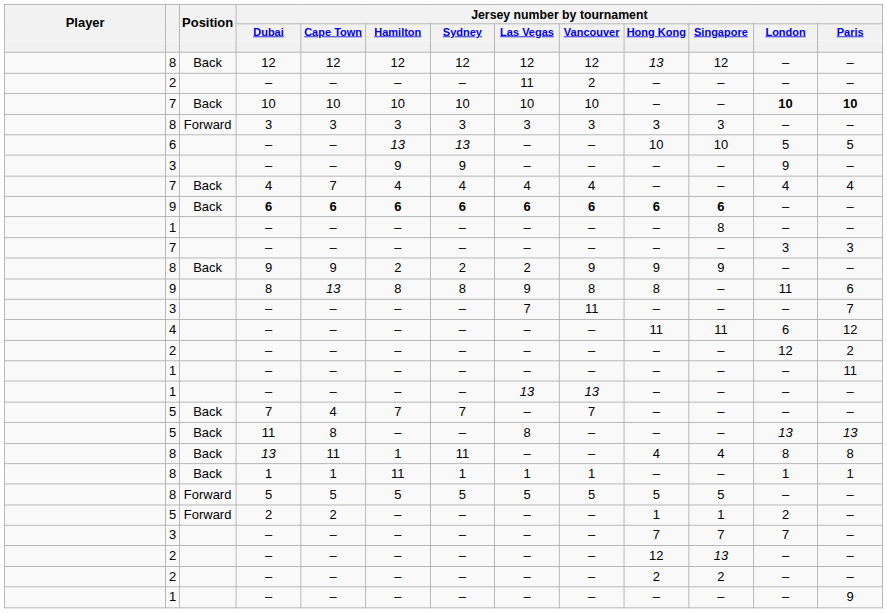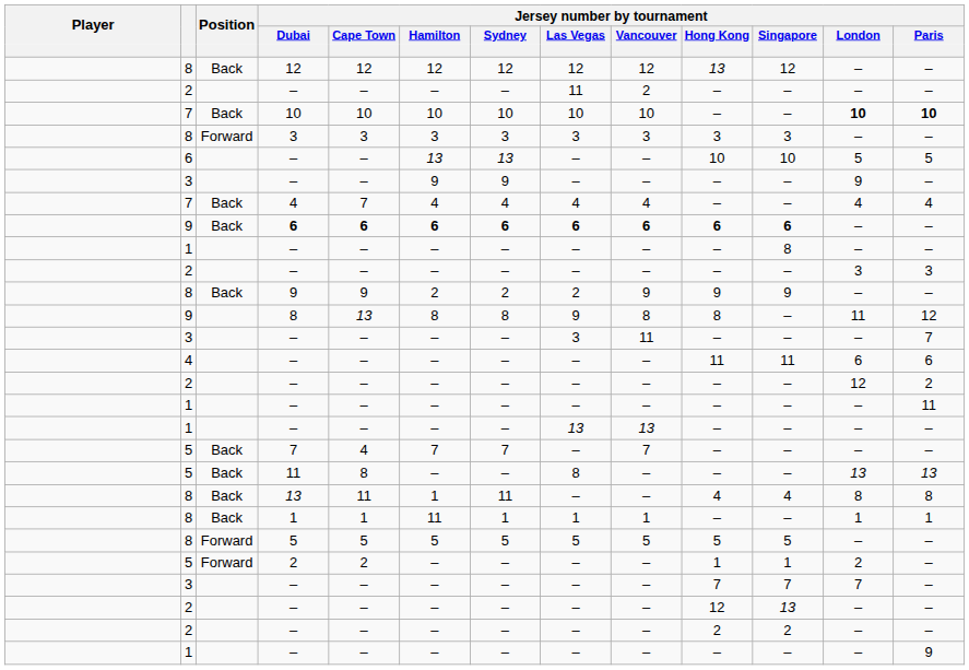 <table class="wikitable sortable" style="text-align:center;">
 <tr>
 <th rowspan=2 style="border-bottom:0px; width:12em;">Player</th>
 <th rowspan=2 style="border-bottom:0px;"></th>
 <th rowspan=2 style="border-bottom:0px;">Position</th>
 <th colspan=10 style="font-size:95%;">Jersey number by tournament</th>
 </tr>
 <tr>
 <th style="vertical-align:top;width:5.5em;border-bottom:1px solid transparent;padding:2px;font-size:85%;"><a href='#'>Dubai</a></th>
 <th style="vertical-align:top;width:5.5em;border-bottom:1px solid transparent;padding:2px;font-size:85%;"><a href='#'>Cape Town</a></th>
 <th style="vertical-align:top;width:5.5em;border-bottom:1px solid transparent;padding:2px;font-size:85%;"><a href='#'>Hamilton</a></th>
 <th style="vertical-align:top;width:5.5em;border-bottom:1px solid transparent;padding:2px;font-size:85%;"><a href='#'>Sydney</a></th>
 <th style="vertical-align:top;width:5.5em;border-bottom:1px solid transparent;padding:2px;font-size:85%;"><a href='#'>Las Vegas</a></th>
 <th style="vertical-align:top;width:5.5em;border-bottom:1px solid transparent;padding:2px;font-size:85%;"><a href='#'>Vancouver</a></th>
 <th style="vertical-align:top;width:5.5em;border-bottom:1px solid transparent;padding:2px;font-size:85%;"><a href='#'>Hong Kong</a></th>
 <th style="vertical-align:top;width:5.5em;border-bottom:1px solid transparent;padding:2px;font-size:85%;"><a href='#'>Singapore</a></th>
 <th style="vertical-align:top;width:5.5em;border-bottom:1px solid transparent;padding:2px;font-size:85%;"><a href='#'>London</a></th>
 <th style="vertical-align:top;width:5.5em;border-bottom:1px solid transparent;padding:2px;font-size:85%;"><a href='#'>Paris</a></th>
 </tr>
 <tr style="line-height:8px;">
 <th style="border-top:1px solid transparent;"></th>
 <th style="border-top:1px solid transparent;"> </th>
 <th style="border-top:1px solid transparent;"> </th>
 <th data-sort-type="number" style="border-top:1px solid transparent;"></th>
 <th data-sort-type="number" style="border-top:1px solid transparent;"></th>
 <th data-sort-type="number" style="border-top:1px solid transparent;"></th>
 <th data-sort-type="number" style="border-top:1px solid transparent;"></th>
 <th data-sort-type="number" style="border-top:1px solid transparent;"></th>
 <th data-sort-type="number" style="border-top:1px solid transparent;"></th>
 <th data-sort-type="number" style="border-top:1px solid transparent;"></th>
 <th data-sort-type="number" style="border-top:1px solid transparent;"></th>
 <th data-sort-type="number" style="border-top:1px solid transparent;"></th>
 <th data-sort-type="number" style="border-top:1px solid transparent;"></th>
 </tr>
 <tr>
 <td align=left></td>
 <td>8</td>
 <td>Back</td>
 <td>12</td>
 <td>12</td>
 <td>12</td>
 <td>12</td>
 <td>12</td>
 <td>12</td>
 <td><em>13</em></td>
 <td>12</td>
 <td>–</td>
 <td>–</td>
 </tr>
 <tr>
 <td align=left></td>
 <td>2</td>
 <td></td>
 <td>–</td>
 <td>–</td>
 <td>–</td>
 <td>–</td>
 <td>11</td>
 <td>2</td>
 <td>–</td>
 <td>–</td>
 <td>–</td>
 <td>–</td>
 </tr>
 <tr>
 <td align=left></td>
 <td>7</td>
 <td>Back</td>
 <td>10</td>
 <td>10</td>
 <td>10</td>
 <td>10</td>
 <td>10</td>
 <td>10</td>
 <td>–</td>
 <td>–</td>
 <td><strong>10</strong></td>
 <td><strong>10</strong></td>
 </tr>
 <tr>
 <td align=left></td>
 <td>8</td>
 <td>Forward</td>
 <td>3</td>
 <td>3</td>
 <td>3</td>
 <td>3</td>
 <td>3</td>
 <td>3</td>
 <td>3</td>
 <td>3</td>
 <td>–</td>
 <td>–</td>
 </tr>
 <tr>
 <td align=left></td>
 <td>6</td>
 <td></td>
 <td>–</td>
 <td>–</td>
 <td><em>13</em></td>
 <td><em>13</em></td>
 <td>–</td>
 <td>–</td>
 <td>10</td>
 <td>10</td>
 <td>5</td>
 <td>5</td>
 </tr>
 <tr>
 <td align=left></td>
 <td>3</td>
 <td></td>
 <td>–</td>
 <td>–</td>
 <td>9</td>
 <td>9</td>
 <td>–</td>
 <td>–</td>
 <td>–</td>
 <td>–</td>
 <td>9</td>
 <td>–</td>
 </tr>
 <tr>
 <td align=left></td>
 <td>7</td>
 <td>Back</td>
 <td>4</td>
 <td>7</td>
 <td>4</td>
 <td>4</td>
 <td>4</td>
 <td>4</td>
 <td>–</td>
 <td>–</td>
 <td>4</td>
 <td>4</td>
 </tr>
 <tr>
 <td align=left></td>
 <td>9</td>
 <td>Back</td>
 <td><strong>6</strong></td>
 <td><strong>6</strong></td>
 <td><strong>6</strong></td>
 <td><strong>6</strong></td>
 <td><strong>6</strong></td>
 <td><strong>6</strong></td>
 <td><strong>6</strong></td>
 <td><strong>6</strong></td>
 <td>–</td>
 <td>–</td>
 </tr>
 <tr>
 <td align=left></td>
 <td>1</td>
 <td></td>
 <td>–</td>
 <td>–</td>
 <td>–</td>
 <td>–</td>
 <td>–</td>
 <td>–</td>
 <td>–</td>
 <td>8</td>
 <td>–</td>
 <td>–</td>
 </tr>
 <tr>
 <td align=left></td>
-<td>7</td>
+<td>2</td>
 <td></td>
 <td>–</td>
 <td>–</td>
 <td>–</td>
 <td>–</td>
 <td>–</td>
 <td>–</td>
 <td>–</td>
 <td>–</td>
 <td>3</td>
 <td>3</td>
 </tr>
 <tr>
 <td align=left></td>
 <td>8</td>
 <td>Back</td>
 <td>9</td>
 <td>9</td>
 <td>2</td>
 <td>2</td>
 <td>2</td>
 <td>9</td>
 <td>9</td>
 <td>9</td>
 <td>–</td>
 <td>–</td>
 </tr>
 <tr>
 <td align=left></td>
 <td>9</td>
 <td></td>
 <td>8</td>
 <td><em>13</em></td>
 <td>8</td>
 <td>8</td>
 <td>9</td>
 <td>8</td>
 <td>8</td>
 <td>–</td>
 <td>11</td>
-<td>6</td>
+<td>12</td>
 </tr>
 <tr>
 <td align=left></td>
 <td>3</td>
 <td></td>
 <td>–</td>
 <td>–</td>
 <td>–</td>
 <td>–</td>
-<td>7</td>
+<td>3</td>
 <td>11</td>
 <td>–</td>
 <td>–</td>
 <td>–</td>
 <td>7</td>
 </tr>
 <tr>
 <td align=left></td>
 <td>4</td>
 <td></td>
 <td>–</td>
 <td>–</td>
 <td>–</td>
 <td>–</td>
 <td>–</td>
 <td>–</td>
 <td>11</td>
 <td>11</td>
 <td>6</td>
-<td>12</td>
+<td>6</td>
 </tr>
 <tr>
 <td align=left></td>
 <td>2</td>
 <td></td>
 <td>–</td>
 <td>–</td>
 <td>–</td>
 <td>–</td>
 <td>–</td>
 <td>–</td>
 <td>–</td>
 <td>–</td>
 <td>12</td>
 <td>2</td>
 </tr>
 <tr>
 <td align=left></td>
 <td>1</td>
 <td></td>
 <td>–</td>
 <td>–</td>
 <td>–</td>
 <td>–</td>
 <td>–</td>
 <td>–</td>
 <td>–</td>
 <td>–</td>
 <td>–</td>
 <td>11</td>
 </tr>
 <tr>
 <td align=left></td>
 <td>1</td>
 <td></td>
 <td>–</td>
 <td>–</td>
 <td>–</td>
 <td>–</td>
 <td><em>13</em></td>
 <td><em>13</em></td>
 <td>–</td>
 <td>–</td>
 <td>–</td>
 <td>–</td>
 </tr>
 <tr>
 <td align=left></td>
 <td>5</td>
 <td>Back</td>
 <td>7</td>
 <td>4</td>
 <td>7</td>
 <td>7</td>
 <td>–</td>
 <td>7</td>
 <td>–</td>
 <td>–</td>
 <td>–</td>
 <td>–</td>
 </tr>
 <tr>
 <td align=left></td>
 <td>5</td>
 <td>Back</td>
 <td>11</td>
 <td>8</td>
 <td>–</td>
 <td>–</td>
 <td>8</td>
 <td>–</td>
 <td>–</td>
 <td>–</td>
 <td><em>13</em></td>
 <td><em>13</em></td>
 </tr>
 <tr>
 <td align=left></td>
 <td>8</td>
 <td>Back</td>
 <td><em>13</em></td>
 <td>11</td>
 <td>1</td>
 <td>11</td>
 <td>–</td>
 <td>–</td>
 <td>4</td>
 <td>4</td>
 <td>8</td>
 <td>8</td>
 </tr>
 <tr>
 <td align=left style="padding-right:0px;"></td>
 <td>8</td>
 <td>Back</td>
 <td>1</td>
 <td>1</td>
 <td>11</td>
 <td>1</td>
 <td>1</td>
 <td>1</td>
 <td>–</td>
 <td>–</td>
 <td>1</td>
 <td>1</td>
 </tr>
 <tr>
 <td align=left></td>
 <td>8</td>
 <td>Forward</td>
 <td>5</td>
 <td>5</td>
 <td>5</td>
 <td>5</td>
 <td>5</td>
 <td>5</td>
 <td>5</td>
 <td>5</td>
 <td>–</td>
 <td>–</td>
 </tr>
 <tr>
 <td align=left></td>
 <td>5</td>
 <td>Forward</td>
 <td>2</td>
 <td>2</td>
 <td>–</td>
 <td>–</td>
 <td>–</td>
 <td>–</td>
 <td>1</td>
 <td>1</td>
 <td>2</td>
 <td>–</td>
 </tr>
 <tr>
 <td align=left></td>
 <td>3</td>
 <td></td>
 <td>–</td>
 <td>–</td>
 <td>–</td>
 <td>–</td>
 <td>–</td>
 <td>–</td>
 <td>7</td>
 <td>7</td>
 <td>7</td>
 <td>–</td>
 </tr>
 <tr>
 <td align=left></td>
 <td>2</td>
 <td></td>
 <td>–</td>
 <td>–</td>
 <td>–</td>
 <td>–</td>
 <td>–</td>
 <td>–</td>
 <td>12</td>
 <td><em>13</em></td>
 <td>–</td>
 <td>–</td>
 </tr>
 <tr>
 <td align=left></td>
 <td>2</td>
 <td></td>
 <td>–</td>
 <td>–</td>
 <td>–</td>
 <td>–</td>
 <td>–</td>
 <td>–</td>
 <td>2</td>
 <td>2</td>
 <td>–</td>
 <td>–</td>
 </tr>
 <tr>
 <td align=left></td>
 <td>1</td>
 <td></td>
 <td>–</td>
 <td>–</td>
 <td>–</td>
 <td>–</td>
 <td>–</td>
 <td>–</td>
 <td>–</td>
 <td>–</td>
 <td>–</td>
 <td>9</td>
 </tr>
 </table>
